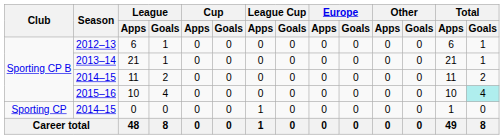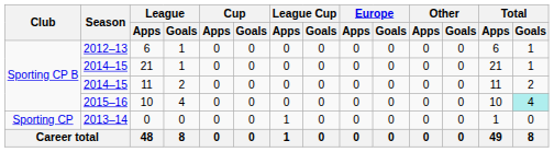 <table class="wikitable" style="text-align: center;">
 <tr>
 <th rowspan="2">Club</th>
 <th rowspan="2">Season</th>
 <th colspan="2">League</th>
 <th colspan="2">Cup</th>
 <th colspan="2">League Cup</th>
 <th colspan="2"><a href='#'>Europe</a></th>
 <th colspan="2">Other</th>
 <th colspan="2">Total</th>
 </tr>
 <tr>
 <th>Apps</th>
 <th>Goals</th>
 <th>Apps</th>
 <th>Goals</th>
 <th>Apps</th>
 <th>Goals</th>
 <th>Apps</th>
 <th>Goals</th>
 <th>Apps</th>
 <th>Goals</th>
 <th>Apps</th>
 <th>Goals</th>
 </tr>
 <tr>
 <td rowspan="4" valign="center"><a href='#'>Sporting CP B</a></td>
 <td><a href='#'>2012–13</a></td>
 <td>6</td>
 <td>1</td>
 <td>0</td>
 <td>0</td>
 <td>0</td>
 <td>0</td>
 <td>0</td>
 <td>0</td>
 <td>0</td>
 <td>0</td>
 <td>6</td>
 <td>1</td>
 </tr>
 <tr>
-<td><a href='#'>2013–14</a></td>
+<td><a href='#'>2014–15</a></td>
 <td>21</td>
 <td>1</td>
 <td>0</td>
 <td>0</td>
 <td>0</td>
 <td>0</td>
 <td>0</td>
 <td>0</td>
 <td>0</td>
 <td>0</td>
 <td>21</td>
 <td>1</td>
 </tr>
 <tr>
 <td><a href='#'>2014–15</a></td>
 <td>11</td>
 <td>2</td>
 <td>0</td>
 <td>0</td>
 <td>0</td>
 <td>0</td>
 <td>0</td>
 <td>0</td>
 <td>0</td>
 <td>0</td>
 <td>11</td>
 <td>2</td>
 </tr>
 <tr>
 <td><a href='#'>2015–16</a></td>
 <td>10</td>
 <td>4</td>
 <td>0</td>
 <td>0</td>
 <td>0</td>
 <td>0</td>
 <td>0</td>
 <td>0</td>
 <td>0</td>
 <td>0</td>
 <td>10</td>
 <td style="background: paleturquoise;">4</td>
 </tr>
 <tr>
 <td rowspan="1" valign="center"><a href='#'>Sporting CP</a></td>
-<td><a href='#'>2014–15</a></td>
+<td><a href='#'>2013–14</a></td>
 <td>0</td>
 <td>0</td>
 <td>0</td>
 <td>0</td>
 <td>1</td>
 <td>0</td>
 <td>0</td>
 <td>0</td>
 <td>0</td>
 <td>0</td>
 <td>1</td>
 <td>0</td>
 </tr>
 <tr>
 <th colspan="2">Career total</th>
 <th>48</th>
 <th>8</th>
 <th>0</th>
 <th>0</th>
 <th>1</th>
 <th>0</th>
 <th>0</th>
 <th>0</th>
 <th>0</th>
 <th>0</th>
 <th>49</th>
 <th>8</th>
 </tr>
 </table>
